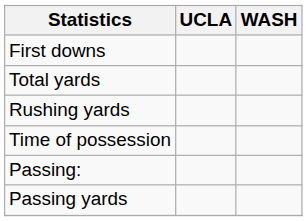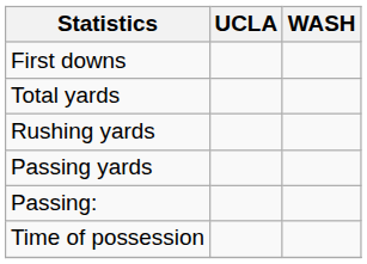 <table class="wikitable" style="float: left;">
 <tr>
 <th>Statistics</th>
 <th>UCLA</th>
 <th>WASH</th>
 </tr>
 <tr>
 <td>First downs</td>
 <td></td>
 <td></td>
 </tr>
 <tr>
 <td>Total yards</td>
 <td></td>
 <td></td>
 </tr>
 <tr>
 <td>Rushing yards</td>
 <td></td>
 <td></td>
 </tr>
 <tr>
-<td>Time of possession</td>
+<td>Passing yards</td>
 <td></td>
 <td></td>
 </tr>
 <tr>
 <td>Passing:</td>
 <td></td>
 <td></td>
 </tr>
 <tr>
-<td>Passing yards</td>
+<td>Time of possession</td>
 <td></td>
 <td></td>
 </tr>
 <tr>
 </tr>
 </table>
